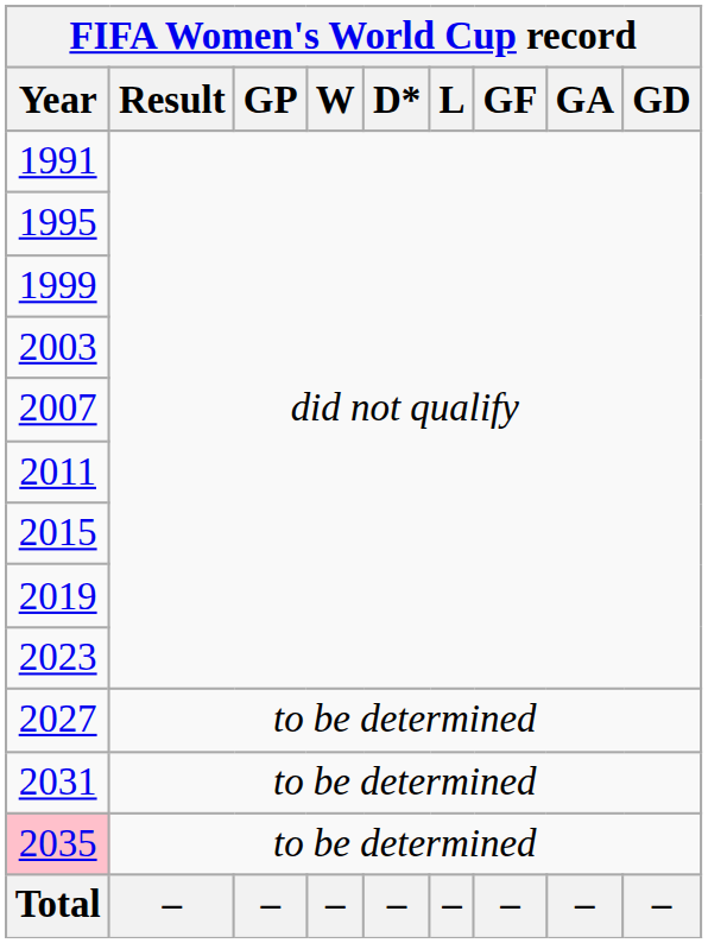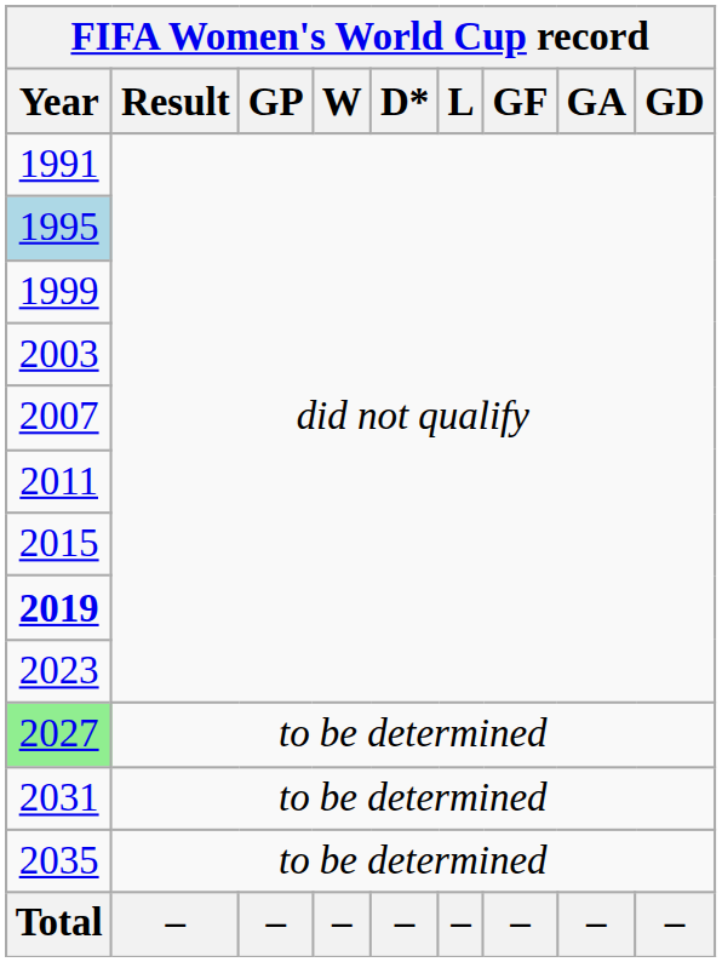 <table class="wikitable" style="text-align: center">
 <tr>
 <th colspan=10><a href='#'>FIFA Women's World Cup</a> record</th>
 </tr>
 <tr>
 <th>Year</th>
 <th>Result</th>
 <th>GP</th>
 <th>W</th>
 <th>D*</th>
 <th>L</th>
 <th>GF</th>
 <th>GA</th>
 <th>GD</th>
 </tr>
 <tr>
 <td> <a href='#'>1991</a></td>
 <td colspan=8 rowspan=9><em>did not qualify</em></td>
 </tr>
 <tr>
-<td> <a href='#'>1995</a></td>
+<td style="background: lightblue;"> <a href='#'>1995</a></td>
 </tr>
 <tr>
 <td> <a href='#'>1999</a></td>
 </tr>
 <tr>
 <td> <a href='#'>2003</a></td>
 </tr>
 <tr>
 <td> <a href='#'>2007</a></td>
 </tr>
 <tr>
 <td> <a href='#'>2011</a></td>
 </tr>
 <tr>
 <td> <a href='#'>2015</a></td>
 </tr>
 <tr>
-<td> <a href='#'>2019</a></td>
+<td><strong> <a href='#'>2019</a></strong></td>
 </tr>
 <tr>
 <td> <a href='#'>2023</a></td>
 </tr>
 <tr>
-<td> <a href='#'>2027</a></td>
+<td style="background: lightgreen;"> <a href='#'>2027</a></td>
 <td colspan=8><em>to be determined</em></td>
 </tr>
 <tr>
 <td> <a href='#'>2031</a></td>
 <td colspan=8><em>to be determined</em></td>
 </tr>
 <tr>
-<td style="background: pink;"> <a href='#'>2035</a></td>
+<td> <a href='#'>2035</a></td>
 <td colspan=8><em>to be determined</em></td>
 </tr>
 <tr>
 <th>Total</th>
 <th>–</th>
 <th>–</th>
 <th>–</th>
 <th>–</th>
 <th>–</th>
 <th>–</th>
 <th>–</th>
 <th>–</th>
 </tr>
 </table>
